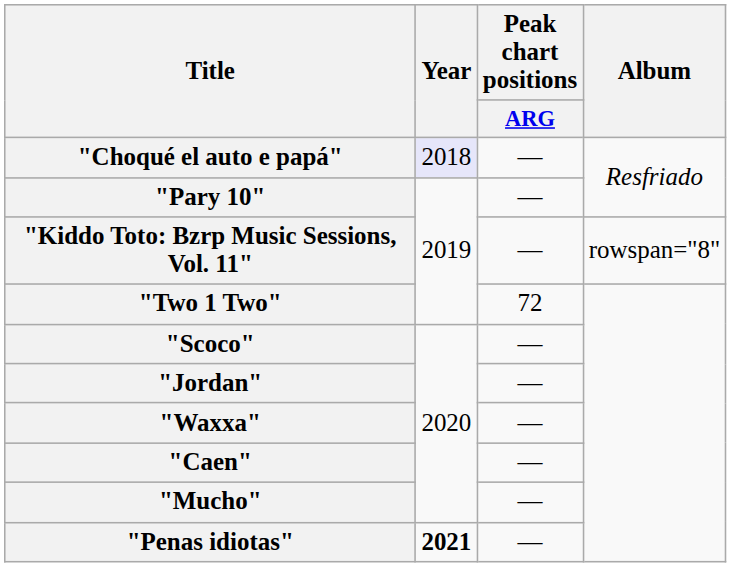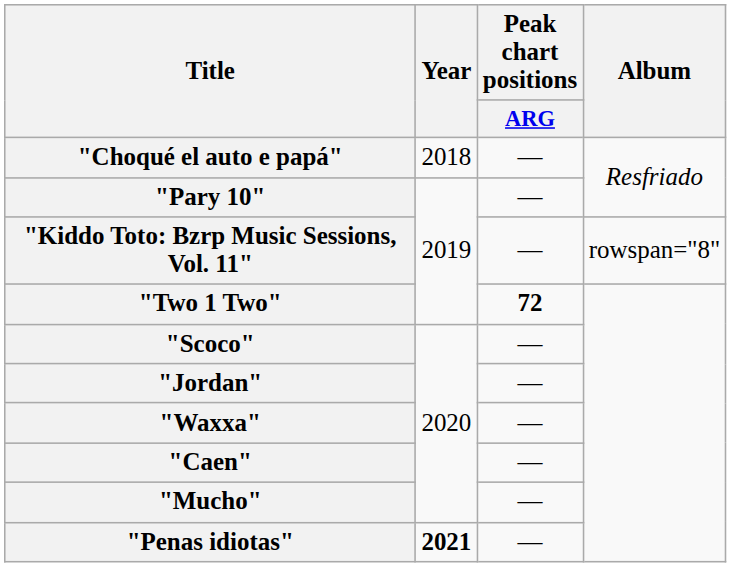 <table class="wikitable plainrowheaders" style="text-align:center">
 <tr>
 <th scope="col" rowspan="2" style="width:16em">Title</th>
 <th scope="col" rowspan="2" style="width:1em">Year</th>
 <th scope="col">Peak chart positions</th>
 <th scope="col" rowspan="2">Album</th>
 </tr>
 <tr>
 <th scope="col" style="width:2.5em;font-size:90%"><a href='#'>ARG</a><br></th>
 </tr>
 <tr>
 <th scope="row">"Choqué el auto e papá"</th>
-<td style="background: lavender;">2018</td>
+<td>2018</td>
 <td>—</td>
 <td rowspan="2"><em>Resfriado</em></td>
 </tr>
 <tr>
 <th scope="row">"Pary 10"<br></th>
 <td rowspan="3">2019</td>
 <td>—</td>
 </tr>
 <tr>
 <th scope="row">"Kiddo Toto: Bzrp Music Sessions, Vol. 11"<br></th>
 <td>—</td>
 <td>rowspan="8" </td>
 </tr>
 <tr>
 <th scope="row">"Two 1 Two"<br></th>
-<td>72</td>
+<td><strong>72</strong></td>
 </tr>
 <tr>
 <th scope="row">"Scoco"<br></th>
 <td rowspan="5">2020</td>
 <td>—</td>
 </tr>
 <tr>
 <th scope="row">"Jordan"<br></th>
 <td>—</td>
 </tr>
 <tr>
 <th scope="row">"Waxxa"<br></th>
 <td>—</td>
 </tr>
 <tr>
 <th scope="row">"Caen"<br></th>
 <td>—</td>
 </tr>
 <tr>
 <th scope="row">"Mucho"<br></th>
 <td>—</td>
 </tr>
 <tr>
 <th scope="row">"Penas idiotas"</th>
 <td><strong>2021</strong></td>
 <td>—</td>
 </tr>
 </table>
